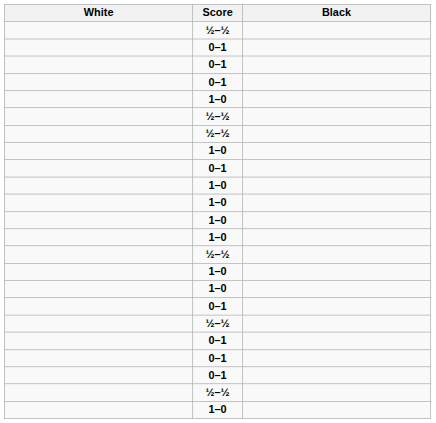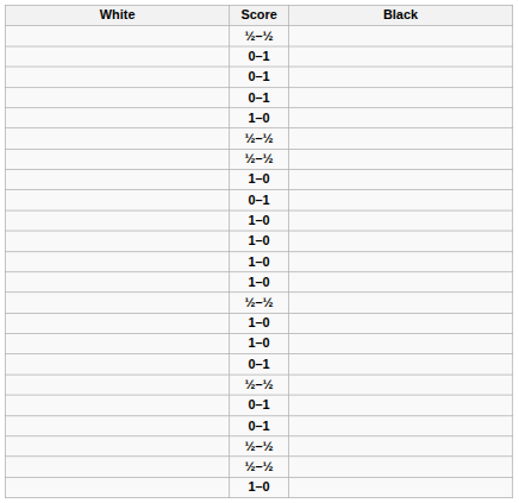 <table class="wikitable" style="text-align: center;">
 <tr>
 <th align="right" width="270">White</th>
 <th width="65">Score</th>
 <th align="left" width="270">Black</th>
 </tr>
 <tr>
 <td align=left></td>
 <td align=center><strong>½–½</strong></td>
 <td align=left></td>
 </tr>
 <tr>
 <td align=left></td>
 <td align=center><strong>0–1</strong></td>
 <td align=left><strong></strong></td>
 </tr>
 <tr>
 <td align=left><strong></strong></td>
 <td align=center><strong>0–1</strong></td>
 <td align=left></td>
 </tr>
 <tr>
 <td align=left></td>
 <td align=center><strong>0–1</strong></td>
 <td align=left><strong></strong></td>
 </tr>
 <tr>
 <td align=left></td>
 <td align=center><strong>1–0</strong></td>
 <td align=left><strong></strong></td>
 </tr>
 <tr>
 <td align=left></td>
 <td align=center><strong>½–½</strong></td>
 <td align=left></td>
 </tr>
 <tr>
 <td align=left></td>
 <td align=center><strong>½–½</strong></td>
 <td align=left></td>
 </tr>
 <tr>
 <td align=left><strong></strong></td>
 <td align=center><strong>1–0</strong></td>
 <td align=left></td>
 </tr>
 <tr>
 <td align=left></td>
 <td align=center><strong>0–1</strong></td>
 <td align=left><strong></strong></td>
 </tr>
 <tr>
 <td align=left><strong></strong></td>
 <td align=center><strong>1–0</strong></td>
 <td align=left></td>
 </tr>
 <tr>
 <td align=left><strong></strong></td>
 <td align=center><strong>1–0</strong></td>
 <td align=left></td>
 </tr>
 <tr>
 <td align=left><strong></strong></td>
 <td align=center><strong>1–0</strong></td>
 <td align=left></td>
 </tr>
 <tr>
 <td align=left></td>
 <td align=center><strong>1–0</strong></td>
 <td align=left><strong></strong></td>
 </tr>
 <tr>
 <td align=left></td>
 <td align=center><strong>½–½</strong></td>
 <td align=left></td>
 </tr>
 <tr>
 <td align=left><strong></strong></td>
 <td align=center><strong>1–0</strong></td>
 <td align=left></td>
 </tr>
 <tr>
 <td align=left><strong></strong></td>
 <td align=center><strong>1–0</strong></td>
 <td align=left></td>
 </tr>
 <tr>
 <td align=left></td>
 <td align=center><strong>0–1</strong></td>
 <td align=left><strong></strong></td>
 </tr>
 <tr>
 <td align=left><strong></strong></td>
 <td align=center><strong>½–½</strong></td>
 <td align=left></td>
 </tr>
 <tr>
 <td align=left></td>
 <td align=center><strong>0–1</strong></td>
 <td align=left><strong></strong></td>
 </tr>
 <tr>
 <td align=left></td>
 <td align=center><strong>0–1</strong></td>
 <td align=left><strong></strong></td>
 </tr>
 <tr>
 <td align=left></td>
-<td align=center><strong>0–1</strong></td>
+<td align=center><strong>½–½</strong></td>
 <td align=left><strong></strong></td>
 </tr>
 <tr>
 <td align=left><strong></strong></td>
 <td align=center><strong>½–½</strong></td>
 <td align=left></td>
 </tr>
 <tr>
 <td align=left><strong></strong></td>
 <td align=center><strong>1–0</strong></td>
 <td align=left></td>
 </tr>
 </table>
